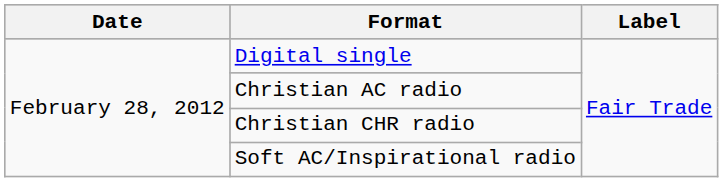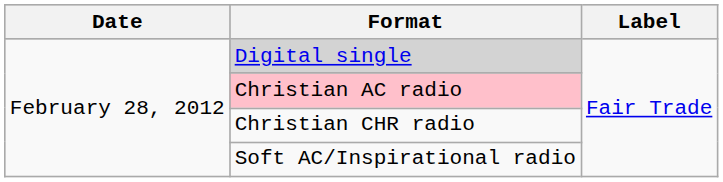 <table class="wikitable sortable plainrowheaders">
 <tr>
 <th scope="col">Date</th>
 <th scope="col">Format</th>
 <th scope="col">Label</th>
 </tr>
 <tr>
 <td rowspan="4">February 28, 2012</td>
-<td><a href='#'>Digital single</a></td>
+<td style="background: lightgrey;"><a href='#'>Digital single</a></td>
 <td rowspan="4"><a href='#'>Fair Trade</a></td>
 </tr>
 <tr>
-<td>Christian AC radio</td>
+<td style="background: pink;">Christian AC radio</td>
 </tr>
 <tr>
 <td>Christian CHR radio</td>
 </tr>
 <tr>
 <td>Soft AC/Inspirational radio</td>
 </tr>
 </table>
